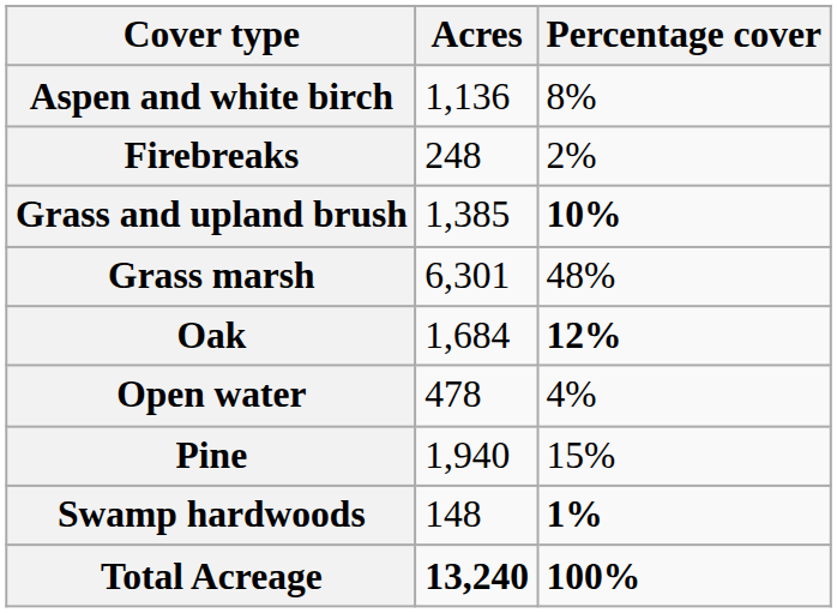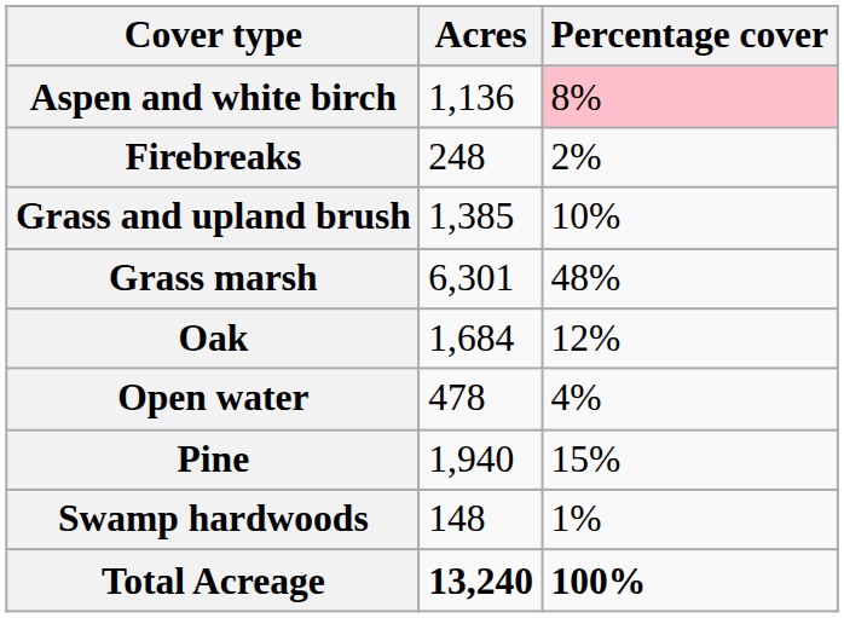 <table class="wikitable" style="margin-left: auto; margin-right: auto; border: none;">
 <tr>
 <th>Cover type</th>
 <th>Acres</th>
 <th>Percentage cover</th>
 </tr>
 <tr>
 <th>Aspen and white birch</th>
 <td>1,136</td>
-<td>8%</td>
+<td style="background: pink;">8%</td>
 </tr>
 <tr>
 <th>Firebreaks</th>
 <td>248</td>
 <td>2%</td>
 </tr>
 <tr>
 <th>Grass and upland brush</th>
 <td>1,385</td>
-<td><strong>10%</strong></td>
+<td>10%</td>
 </tr>
 <tr>
 <th>Grass marsh</th>
 <td>6,301</td>
 <td>48%</td>
 </tr>
 <tr>
 <th>Oak</th>
 <td>1,684</td>
-<td><strong>12%</strong></td>
+<td>12%</td>
 </tr>
 <tr>
 <th>Open water</th>
 <td>478</td>
 <td>4%</td>
 </tr>
 <tr>
 <th>Pine</th>
 <td>1,940</td>
 <td>15%</td>
 </tr>
 <tr>
 <th>Swamp hardwoods</th>
 <td>148</td>
-<td><strong>1%</strong></td>
+<td>1%</td>
 </tr>
 <tr>
 <th>Total Acreage</th>
 <td><strong>13,240</strong></td>
 <td><strong>100%</strong></td>
 </tr>
 <tr>
 </tr>
 </table>
